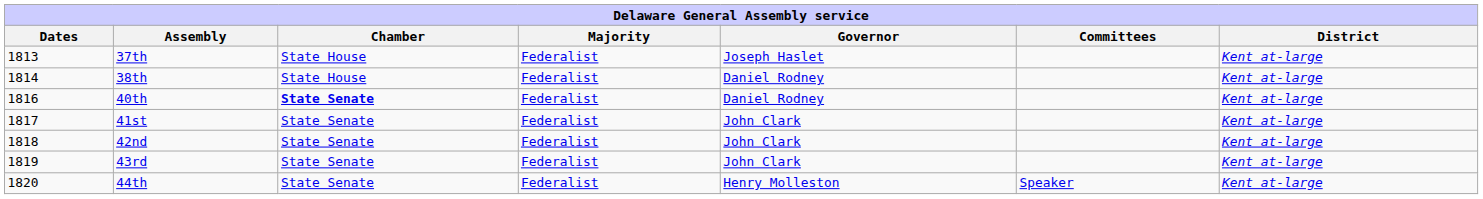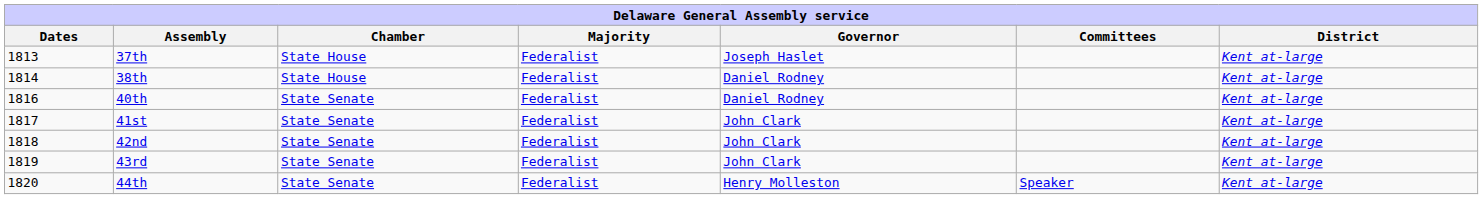 <table class=wikitable style="width: 94%" style="text-align: center;" align="center">
 <tr bgcolor=#cccccc>
 <th colspan=7 style="background: #ccccff;">Delaware General Assembly service</th>
 </tr>
 <tr>
 <th><strong>Dates</strong></th>
 <th><strong>Assembly</strong></th>
 <th><strong>Chamber</strong></th>
 <th><strong>Majority</strong></th>
 <th><strong>Governor</strong></th>
 <th><strong>Committees</strong></th>
 <th><strong>District</strong></th>
 </tr>
 <tr>
 <td>1813</td>
 <td><a href='#'>37th</a></td>
 <td><a href='#'>State House</a></td>
 <td><a href='#'>Federalist</a></td>
 <td><a href='#'>Joseph Haslet</a></td>
 <td></td>
 <td><a href='#'><em>Kent at-large</em></a></td>
 </tr>
 <tr>
 <td>1814</td>
 <td><a href='#'>38th</a></td>
 <td><a href='#'>State House</a></td>
 <td><a href='#'>Federalist</a></td>
 <td><a href='#'>Daniel Rodney</a></td>
 <td></td>
 <td><a href='#'><em>Kent at-large</em></a></td>
 </tr>
 <tr>
 <td>1816</td>
 <td><a href='#'>40th</a></td>
-<td><strong><a href='#'>State Senate</a></strong></td>
+<td><a href='#'>State Senate</a></td>
 <td><a href='#'>Federalist</a></td>
 <td><a href='#'>Daniel Rodney</a></td>
 <td></td>
 <td><a href='#'><em>Kent at-large</em></a></td>
 </tr>
 <tr>
 <td>1817</td>
 <td><a href='#'>41st</a></td>
 <td><a href='#'>State Senate</a></td>
 <td><a href='#'>Federalist</a></td>
 <td><a href='#'>John Clark</a></td>
 <td></td>
 <td><a href='#'><em>Kent at-large</em></a></td>
 </tr>
 <tr>
 <td>1818</td>
 <td><a href='#'>42nd</a></td>
 <td><a href='#'>State Senate</a></td>
 <td><a href='#'>Federalist</a></td>
 <td><a href='#'>John Clark</a></td>
 <td></td>
 <td><a href='#'><em>Kent at-large</em></a></td>
 </tr>
 <tr>
 <td>1819</td>
 <td><a href='#'>43rd</a></td>
 <td><a href='#'>State Senate</a></td>
 <td><a href='#'>Federalist</a></td>
 <td><a href='#'>John Clark</a></td>
 <td></td>
 <td><a href='#'><em>Kent at-large</em></a></td>
 </tr>
 <tr>
 <td>1820</td>
 <td><a href='#'>44th</a></td>
 <td><a href='#'>State Senate</a></td>
 <td><a href='#'>Federalist</a></td>
 <td><a href='#'>Henry Molleston</a></td>
 <td><a href='#'>Speaker</a></td>
 <td><a href='#'><em>Kent at-large</em></a></td>
 </tr>
 </table>
